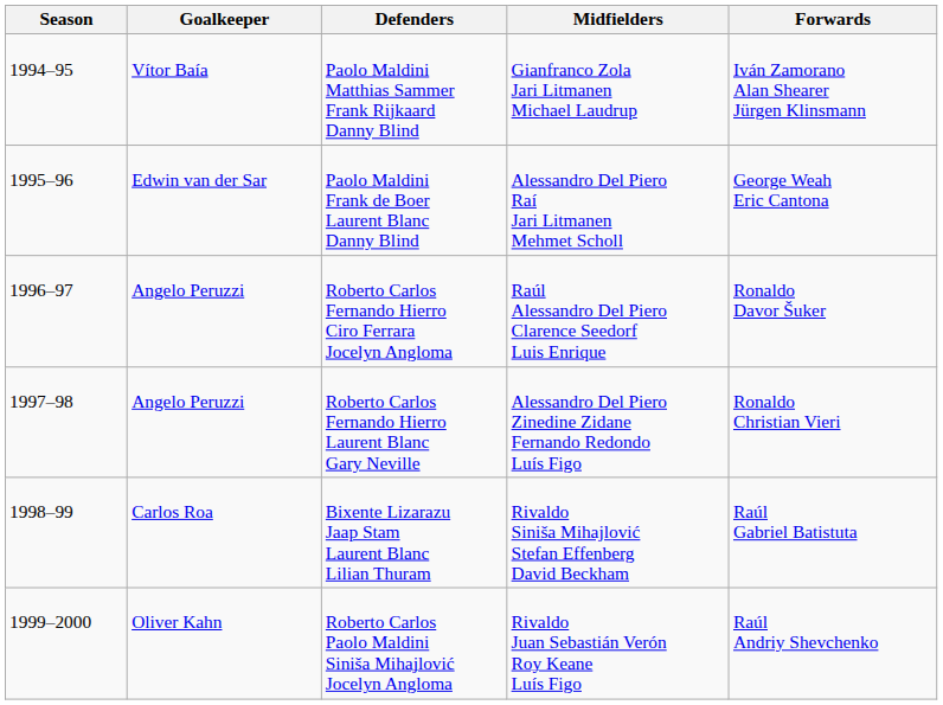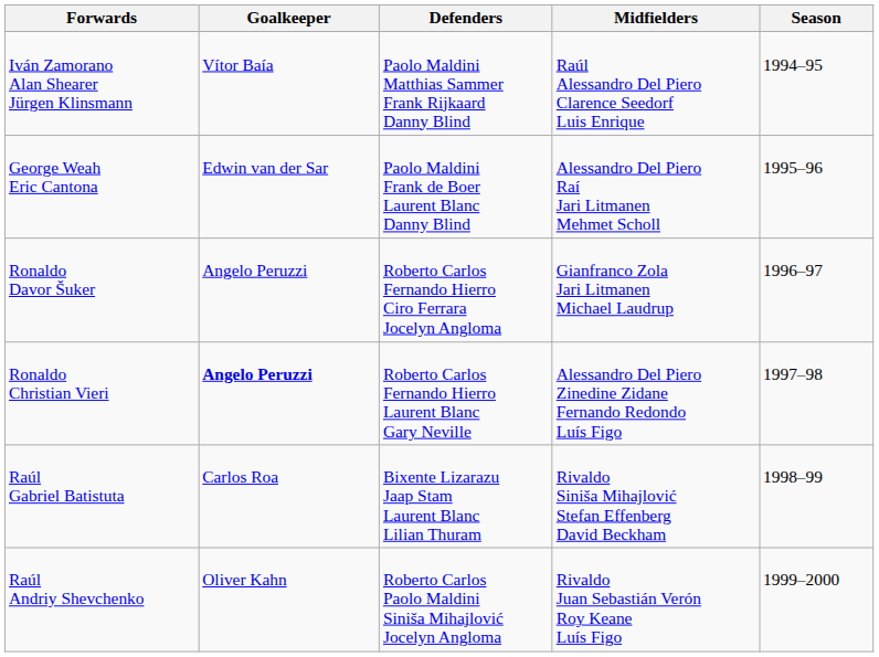 <table class="wikitable" width="820">
 <tr>
-<th>Season</th>
+<th>Forwards</th>
 <th>Goalkeeper</th>
 <th>Defenders</th>
 <th>Midfielders</th>
-<th>Forwards</th>
+<th>Season</th>
 </tr>
 <tr>
-<td valign=top><br>1994–95</td>
+<td valign=top><br> <a href='#'>Iván Zamorano</a><br>  <a href='#'>Alan Shearer</a><br>  <a href='#'>Jürgen Klinsmann</a></td>
 <td valign=top><br> <a href='#'>Vítor Baía</a></td>
 <td valign=top><br> <a href='#'>Paolo Maldini</a><br>  <a href='#'>Matthias Sammer</a><br>  <a href='#'>Frank Rijkaard</a><br>  <a href='#'>Danny Blind</a></td>
-<td valign=top><br> <a href='#'>Gianfranco Zola</a><br>  <a href='#'>Jari Litmanen</a><br>  <a href='#'>Michael Laudrup</a></td>
-<td valign=top><br> <a href='#'>Iván Zamorano</a><br>  <a href='#'>Alan Shearer</a><br>  <a href='#'>Jürgen Klinsmann</a></td>
+<td valign=top><br> <a href='#'>Raúl</a><br>  <a href='#'>Alessandro Del Piero</a><br>  <a href='#'>Clarence Seedorf</a><br>  <a href='#'>Luis Enrique</a></td>
+<td valign=top><br>1994–95</td>
 </tr>
 <tr>
-<td valign=top><br>1995–96</td>
+<td valign=top><br> <a href='#'>George Weah</a><br>  <a href='#'>Eric Cantona</a></td>
 <td valign=top><br> <a href='#'>Edwin van der Sar</a></td>
 <td valign=top><br> <a href='#'>Paolo Maldini</a><br>  <a href='#'>Frank de Boer</a><br>  <a href='#'>Laurent Blanc</a><br>  <a href='#'>Danny Blind</a></td>
 <td valign=top><br> <a href='#'>Alessandro Del Piero</a><br>  <a href='#'>Raí</a><br>  <a href='#'>Jari Litmanen</a><br>   <a href='#'>Mehmet Scholl</a></td>
-<td valign=top><br> <a href='#'>George Weah</a><br>  <a href='#'>Eric Cantona</a></td>
+<td valign=top><br>1995–96</td>
 </tr>
 <tr>
-<td valign=top><br>1996–97</td>
+<td valign=top><br> <a href='#'>Ronaldo</a><br>  <a href='#'>Davor Šuker</a></td>
 <td valign=top><br> <a href='#'>Angelo Peruzzi</a></td>
 <td valign=top><br> <a href='#'>Roberto Carlos</a><br>  <a href='#'>Fernando Hierro</a><br>  <a href='#'>Ciro Ferrara</a><br>  <a href='#'>Jocelyn Angloma</a></td>
-<td valign=top><br> <a href='#'>Raúl</a><br>  <a href='#'>Alessandro Del Piero</a><br>  <a href='#'>Clarence Seedorf</a><br>  <a href='#'>Luis Enrique</a></td>
-<td valign=top><br> <a href='#'>Ronaldo</a><br>  <a href='#'>Davor Šuker</a></td>
+<td valign=top><br> <a href='#'>Gianfranco Zola</a><br>  <a href='#'>Jari Litmanen</a><br>  <a href='#'>Michael Laudrup</a></td>
+<td valign=top><br>1996–97</td>
 </tr>
 <tr>
-<td valign=top><br>1997–98</td>
-<td valign=top><br> <a href='#'>Angelo Peruzzi</a></td>
+<td valign=top><br> <a href='#'>Ronaldo</a><br>  <a href='#'>Christian Vieri</a></td>
+<td valign=top><strong><br> <a href='#'>Angelo Peruzzi</a></strong></td>
 <td valign=top><br> <a href='#'>Roberto Carlos</a><br>  <a href='#'>Fernando Hierro</a><br>  <a href='#'>Laurent Blanc</a><br>  <a href='#'>Gary Neville</a></td>
 <td valign=top><br> <a href='#'>Alessandro Del Piero</a><br>  <a href='#'>Zinedine Zidane</a><br>   <a href='#'>Fernando Redondo</a><br>  <a href='#'>Luís Figo</a></td>
-<td valign=top><br> <a href='#'>Ronaldo</a><br>  <a href='#'>Christian Vieri</a></td>
+<td valign=top><br>1997–98</td>
 </tr>
 <tr>
-<td valign=top><br>1998–99</td>
+<td valign=top><br> <a href='#'>Raúl</a><br>  <a href='#'>Gabriel Batistuta</a></td>
 <td valign=top><br> <a href='#'>Carlos Roa</a></td>
 <td valign=top><br> <a href='#'>Bixente Lizarazu</a><br>  <a href='#'>Jaap Stam</a><br>  <a href='#'>Laurent Blanc</a><br>  <a href='#'>Lilian Thuram</a></td>
 <td valign=top><br> <a href='#'>Rivaldo</a><br>  <a href='#'>Siniša Mihajlović</a><br>  <a href='#'>Stefan Effenberg</a><br>   <a href='#'>David Beckham</a></td>
-<td valign=top><br> <a href='#'>Raúl</a><br>  <a href='#'>Gabriel Batistuta</a></td>
+<td valign=top><br>1998–99</td>
 </tr>
 <tr>
-<td valign=top><br>1999–2000</td>
+<td valign=top><br> <a href='#'>Raúl</a><br>  <a href='#'>Andriy Shevchenko</a></td>
 <td valign=top><br> <a href='#'>Oliver Kahn</a></td>
 <td valign=top><br> <a href='#'>Roberto Carlos</a><br>  <a href='#'>Paolo Maldini</a><br>  <a href='#'>Siniša Mihajlović</a><br>  <a href='#'>Jocelyn Angloma</a></td>
 <td valign=top><br> <a href='#'>Rivaldo</a><br>  <a href='#'>Juan Sebastián Verón</a><br>  <a href='#'>Roy Keane</a><br>  <a href='#'>Luís Figo</a></td>
-<td valign=top><br> <a href='#'>Raúl</a><br>  <a href='#'>Andriy Shevchenko</a></td>
+<td valign=top><br>1999–2000</td>
 </tr>
 </table>
